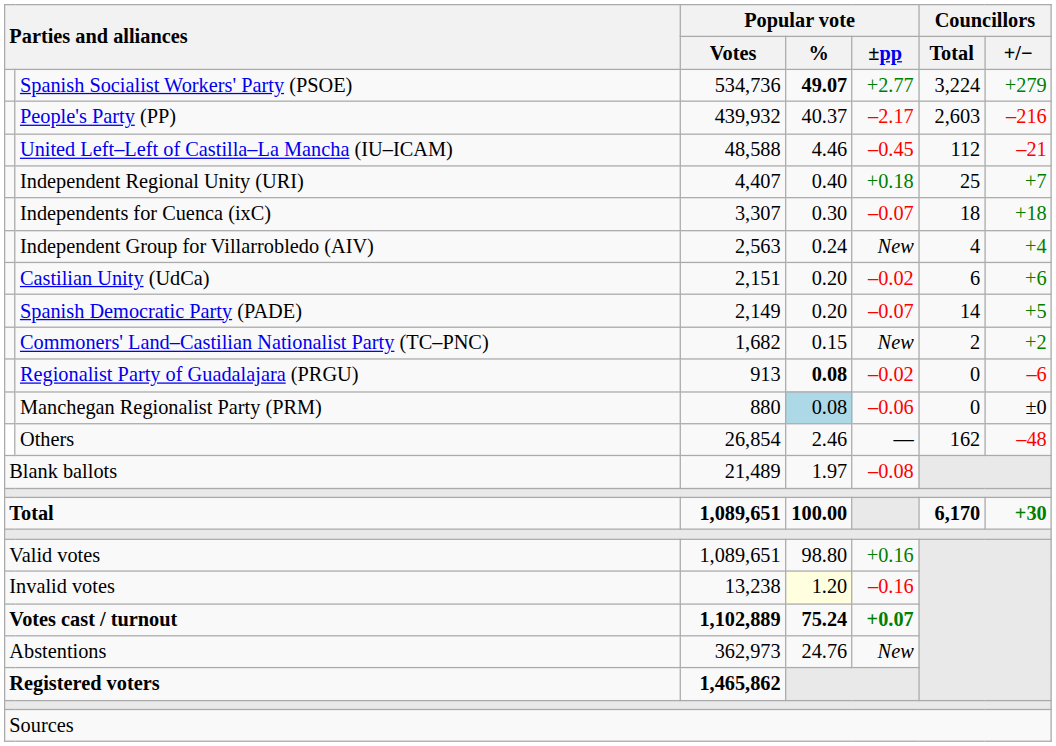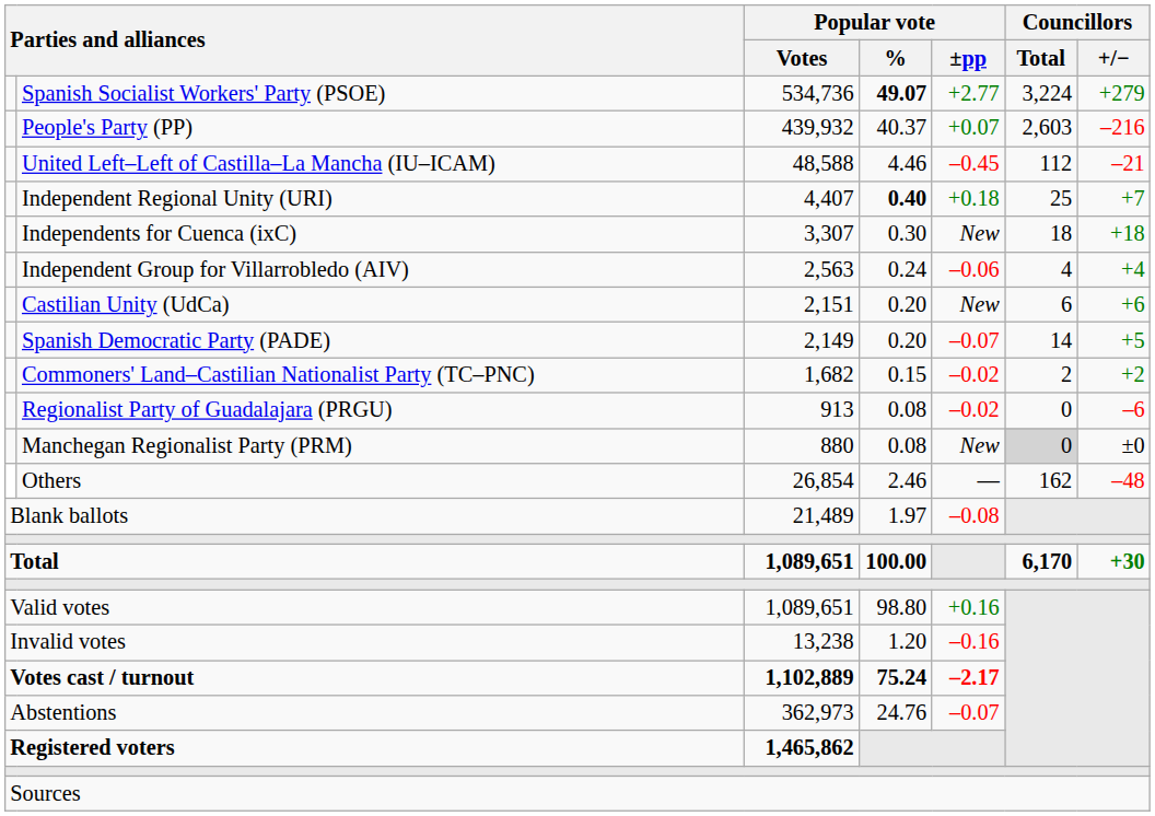 <table class="wikitable" style="text-align:right;">
 <tr>
 <th style="text-align:left;" rowspan="2" colspan="2" width="525">Parties and alliances</th>
 <th colspan="3">Popular vote</th>
 <th colspan="2">Councillors</th>
 </tr>
 <tr>
 <th width="75">Votes</th>
 <th width="45">%</th>
 <th width="45">±<a href='#'>pp</a></th>
 <th width="45">Total</th>
 <th width="45">+/−</th>
 </tr>
 <tr>
 <td width="1" style="color:inherit;background:"></td>
 <td align="left"><a href='#'>Spanish Socialist Workers' Party</a> (PSOE)</td>
 <td>534,736</td>
 <td><strong>49.07</strong></td>
 <td style="color:green;">+2.77</td>
 <td>3,224</td>
 <td style="color:green;">+279</td>
 </tr>
 <tr>
 <td style="color:inherit;background:"></td>
 <td align="left"><a href='#'>People's Party</a> (PP)</td>
 <td>439,932</td>
 <td>40.37</td>
-<td style="color:red;">–2.17</td>
+<td style="color:green;">+0.07</td>
 <td>2,603</td>
 <td style="color:red;">–216</td>
 </tr>
 <tr>
 <td style="color:inherit;background:"></td>
 <td align="left"><a href='#'>United Left–Left of Castilla–La Mancha</a> (IU–ICAM)</td>
 <td>48,588</td>
 <td>4.46</td>
 <td style="color:red;">–0.45</td>
 <td>112</td>
 <td style="color:red;">–21</td>
 </tr>
 <tr>
 <td style="color:inherit;background:"></td>
 <td align="left">Independent Regional Unity (URI)</td>
 <td>4,407</td>
-<td>0.40</td>
+<td><strong>0.40</strong></td>
 <td style="color:green;">+0.18</td>
 <td>25</td>
 <td style="color:green;">+7</td>
 </tr>
 <tr>
 <td style="color:inherit;background:"></td>
 <td align="left">Independents for Cuenca (ixC)</td>
 <td>3,307</td>
 <td>0.30</td>
-<td style="color:red;">–0.07</td>
+<td><em>New</em></td>
 <td>18</td>
 <td style="color:green;">+18</td>
 </tr>
 <tr>
 <td style="color:inherit;background:"></td>
 <td align="left">Independent Group for Villarrobledo (AIV)</td>
 <td>2,563</td>
 <td>0.24</td>
-<td><em>New</em></td>
+<td style="color:red;">–0.06</td>
 <td>4</td>
 <td style="color:green;">+4</td>
 </tr>
 <tr>
 <td style="color:inherit;background:"></td>
 <td align="left"><a href='#'>Castilian Unity</a> (UdCa)</td>
 <td>2,151</td>
 <td>0.20</td>
-<td style="color:red;">–0.02</td>
+<td><em>New</em></td>
 <td>6</td>
 <td style="color:green;">+6</td>
 </tr>
 <tr>
 <td style="color:inherit;background:"></td>
 <td align="left"><a href='#'>Spanish Democratic Party</a> (PADE)</td>
 <td>2,149</td>
 <td>0.20</td>
 <td style="color:red;">–0.07</td>
 <td>14</td>
 <td style="color:green;">+5</td>
 </tr>
 <tr>
 <td style="color:inherit;background:"></td>
 <td align="left"><a href='#'>Commoners' Land–Castilian Nationalist Party</a> (TC–PNC)</td>
 <td>1,682</td>
 <td>0.15</td>
-<td><em>New</em></td>
+<td style="color:red;">–0.02</td>
 <td>2</td>
 <td style="color:green;">+2</td>
 </tr>
 <tr>
 <td style="color:inherit;background:"></td>
 <td align="left"><a href='#'>Regionalist Party of Guadalajara</a> (PRGU)</td>
 <td>913</td>
-<td><strong>0.08</strong></td>
+<td>0.08</td>
 <td style="color:red;">–0.02</td>
 <td>0</td>
 <td style="color:red;">–6</td>
 </tr>
 <tr>
 <td style="color:inherit;background:"></td>
 <td align="left">Manchegan Regionalist Party (PRM)</td>
 <td>880</td>
-<td style="background: lightblue;">0.08</td>
-<td style="color:red;">–0.06</td>
-<td>0</td>
+<td>0.08</td>
+<td><em>New</em></td>
+<td style="background: lightgrey;">0</td>
 <td>±0</td>
 </tr>
 <tr>
 <td bgcolor="white"></td>
 <td align="left">Others</td>
 <td>26,854</td>
 <td>2.46</td>
 <td>—</td>
 <td>162</td>
 <td style="color:red;">–48</td>
 </tr>
 <tr>
 <td align="left" colspan="2">Blank ballots</td>
 <td>21,489</td>
 <td>1.97</td>
 <td style="color:red;">–0.08</td>
 <td bgcolor="#E9E9E9" colspan="2"></td>
 </tr>
 <tr>
 <td colspan="7" bgcolor="#E9E9E9"></td>
 </tr>
 <tr style="font-weight:bold;">
 <td align="left" colspan="2">Total</td>
 <td>1,089,651</td>
 <td>100.00</td>
 <td bgcolor="#E9E9E9"></td>
 <td>6,170</td>
 <td style="color:green;">+30</td>
 </tr>
 <tr>
 <td colspan="7" bgcolor="#E9E9E9"></td>
 </tr>
 <tr>
 <td align="left" colspan="2">Valid votes</td>
 <td>1,089,651</td>
 <td>98.80</td>
 <td style="color:green;">+0.16</td>
 <td bgcolor="#E9E9E9" colspan="2" rowspan="5"></td>
 </tr>
 <tr>
 <td align="left" colspan="2">Invalid votes</td>
 <td>13,238</td>
-<td style="background: lightyellow;">1.20</td>
+<td>1.20</td>
 <td style="color:red;">–0.16</td>
 </tr>
 <tr style="font-weight:bold;">
 <td align="left" colspan="2">Votes cast / turnout</td>
 <td>1,102,889</td>
 <td>75.24</td>
-<td style="color:green;">+0.07</td>
+<td style="color:red;">–2.17</td>
 </tr>
 <tr>
 <td align="left" colspan="2">Abstentions</td>
 <td>362,973</td>
 <td>24.76</td>
-<td><em>New</em></td>
+<td style="color:red;">–0.07</td>
 </tr>
 <tr style="font-weight:bold;">
 <td align="left" colspan="2">Registered voters</td>
 <td>1,465,862</td>
 <td bgcolor="#E9E9E9" colspan="2"></td>
 </tr>
 <tr>
 <td colspan="7" bgcolor="#E9E9E9"></td>
 </tr>
 <tr>
 <td align="left" colspan="7">Sources</td>
 </tr>
 </table>
